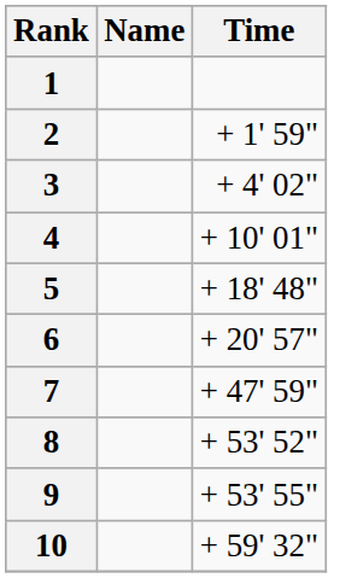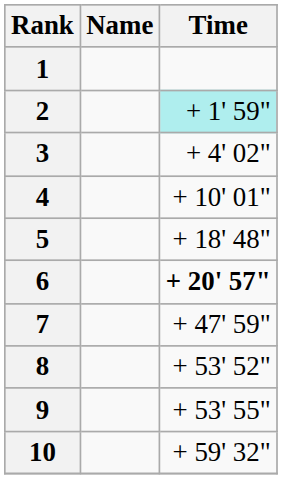 <table class="wikitable">
 <tr>
 <th>Rank</th>
 <th>Name</th>
 <th>Time</th>
 </tr>
 <tr>
 <th style="text-align:center">1</th>
 <td></td>
 <td align="right"></td>
 </tr>
 <tr>
 <th style="text-align:center">2</th>
 <td></td>
-<td align="right">+ 1' 59"</td>
+<td align="right" style="background: paleturquoise;">+ 1' 59"</td>
 </tr>
 <tr>
 <th style="text-align:center">3</th>
 <td></td>
 <td align="right">+ 4' 02"</td>
 </tr>
 <tr>
 <th style="text-align:center">4</th>
 <td></td>
 <td align="right">+ 10' 01"</td>
 </tr>
 <tr>
 <th style="text-align:center">5</th>
 <td></td>
 <td align="right">+ 18' 48"</td>
 </tr>
 <tr>
 <th style="text-align:center">6</th>
 <td></td>
-<td align="right">+ 20' 57"</td>
+<td align="right"><strong>+ 20' 57"</strong></td>
 </tr>
 <tr>
 <th style="text-align:center">7</th>
 <td></td>
 <td align="right">+ 47' 59"</td>
 </tr>
 <tr>
 <th style="text-align:center">8</th>
 <td></td>
 <td align="right">+ 53' 52"</td>
 </tr>
 <tr>
 <th style="text-align:center">9</th>
 <td></td>
 <td align="right">+ 53' 55"</td>
 </tr>
 <tr>
 <th style="text-align:center">10</th>
 <td></td>
 <td align="right">+ 59' 32"</td>
 </tr>
 <tr>
 </tr>
 </table>
